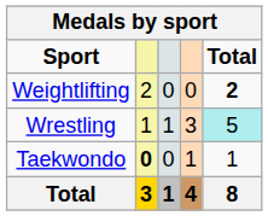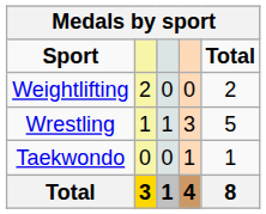 <table class="wikitable" style="font-size:85%; float:right;">
 <tr style="background:#efefef;">
 <th colspan=7>Medals by sport</th>
 </tr>
 <tr align=center>
 <td><strong>Sport</strong></td>
 <td style="background:#f7f6a8;"></td>
 <td style="background:#dce5e5;"></td>
 <td style="background:#ffdab9;"></td>
 <td><strong>Total</strong></td>
 </tr>
 <tr align=center>
 <td><a href='#'>Weightlifting</a></td>
 <td style="background:#f7f6a8;">2</td>
 <td style="background:#dce5e5;">0</td>
 <td style="background:#ffdab9;">0</td>
-<td><strong>2</strong></td>
+<td>2</td>
 </tr>
 <tr align=center>
 <td><a href='#'>Wrestling</a></td>
 <td style="background:#f7f6a8;">1</td>
 <td style="background:#dce5e5;">1</td>
 <td style="background:#ffdab9;">3</td>
-<td style="background: paleturquoise;">5</td>
+<td>5</td>
 </tr>
 <tr align=center>
 <td><a href='#'>Taekwondo</a></td>
-<td style="background:#f7f6a8;"><strong>0</strong></td>
+<td style="background:#f7f6a8;">0</td>
 <td style="background:#dce5e5;">0</td>
 <td style="background:#ffdab9;">1</td>
 <td>1</td>
 </tr>
 <tr align=center>
 <th>Total</th>
 <th style="background:gold;">3</th>
 <th style="background:silver;">1</th>
 <th style="background:#c96;">4</th>
 <th>8</th>
 </tr>
 </table>
